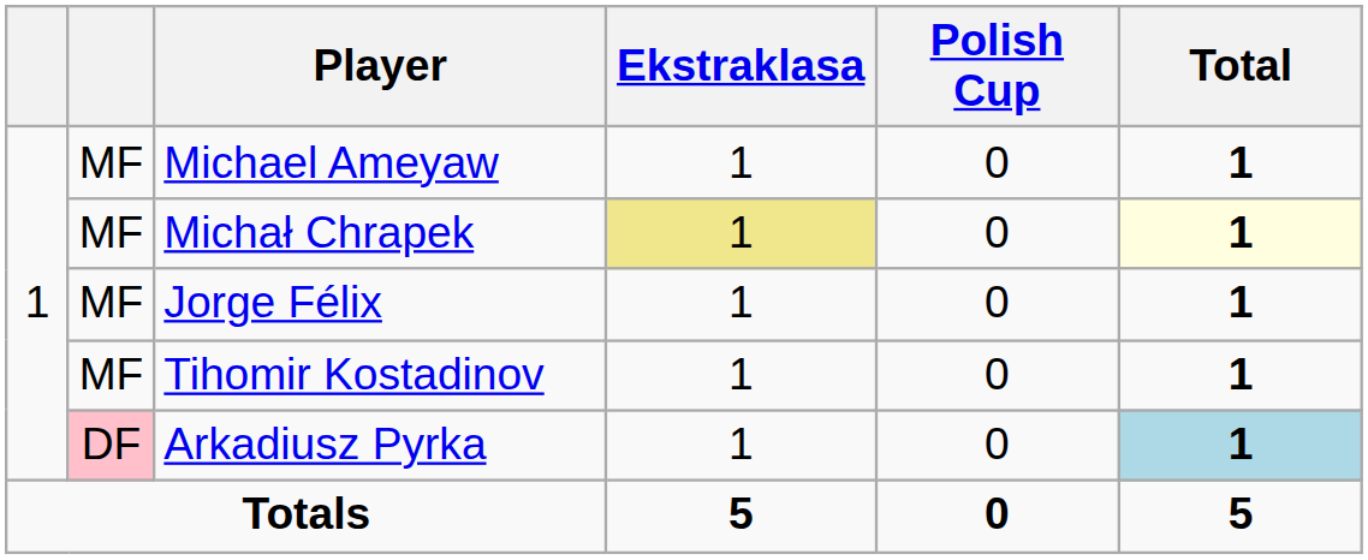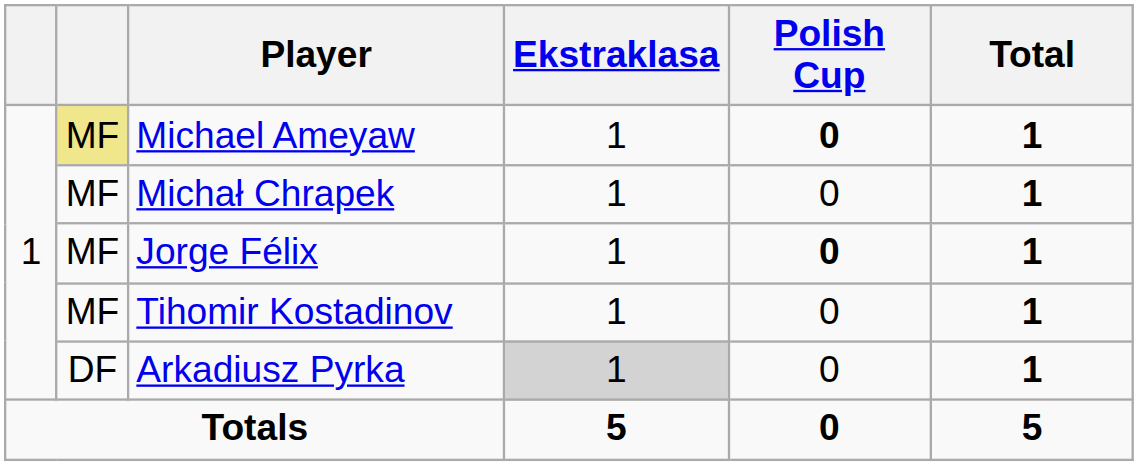 <table class="wikitable" style="text-align:center">
 <tr>
 <th width=15></th>
 <th width=15></th>
 <th width=155>Player</th>
 <th width=80><strong><a href='#'>Ekstraklasa</a></strong></th>
 <th width=80><strong><a href='#'>Polish Cup</a></strong></th>
 <th width=80>Total</th>
 </tr>
 <tr>
 <td rowspan=5>1</td>
+<td style="background: khaki;">MF</td>
+<td align=left> <a href='#'>Michael Ameyaw</a></td>
+<td>1</td>
+<td><strong>0</strong></td>
+<td><strong>1</strong></td>
+</tr>
+<tr>
 <td>MF</td>
-<td align=left> <a href='#'>Michael Ameyaw</a></td>
+<td align=left> <a href='#'>Michał Chrapek</a></td>
 <td>1</td>
 <td>0</td>
 <td><strong>1</strong></td>
 </tr>
 <tr>
 <td>MF</td>
-<td align=left> <a href='#'>Michał Chrapek</a></td>
-<td style="background: khaki;">1</td>
-<td>0</td>
-<td style="background: lightyellow;"><strong>1</strong></td>
-</tr>
-<tr>
-<td>MF</td>
 <td align=left> <a href='#'>Jorge Félix</a></td>
 <td>1</td>
-<td>0</td>
+<td><strong>0</strong></td>
 <td><strong>1</strong></td>
 </tr>
 <tr>
 <td>MF</td>
 <td align=left> <a href='#'>Tihomir Kostadinov</a></td>
 <td>1</td>
 <td>0</td>
 <td><strong>1</strong></td>
 </tr>
 <tr>
-<td style="background: pink;">DF</td>
+<td>DF</td>
 <td align=left> <a href='#'>Arkadiusz Pyrka</a></td>
-<td>1</td>
+<td style="background: lightgrey;">1</td>
 <td>0</td>
-<td style="background: lightblue;"><strong>1</strong></td>
+<td><strong>1</strong></td>
 </tr>
 <tr>
 <td colspan=3><strong>Totals</strong></td>
 <td><strong>5</strong></td>
 <td><strong>0</strong></td>
 <td><strong>5</strong></td>
 </tr>
 </table>
